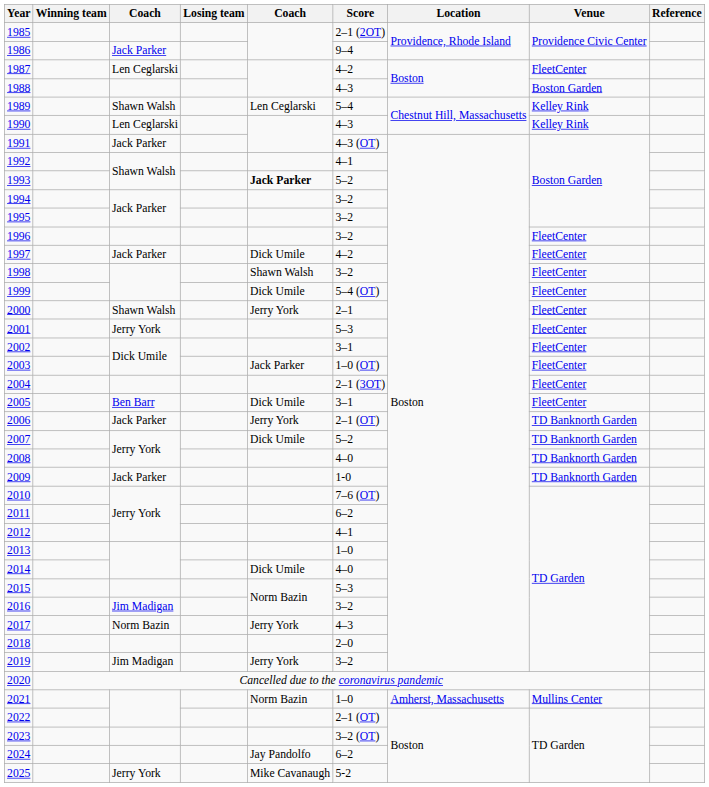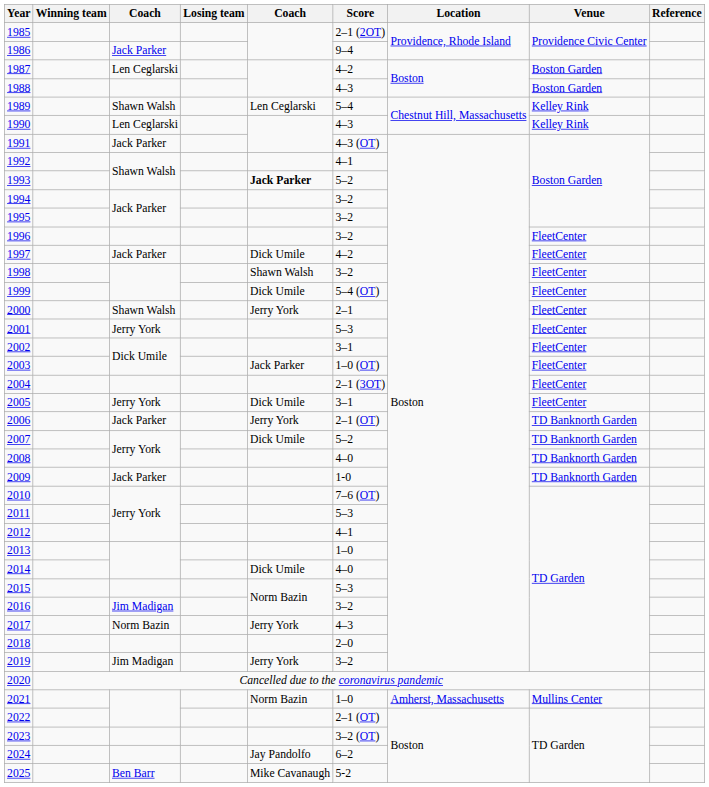 <table class="wikitable sortable">
 <tr>
 <th>Year</th>
 <th>Winning team</th>
 <th>Coach</th>
 <th>Losing team</th>
 <th>Coach</th>
 <th>Score</th>
 <th>Location</th>
 <th>Venue</th>
 <th class=unsortable>Reference</th>
 </tr>
 <tr>
 <td><a href='#'>1985</a></td>
 <td><a href='#'></a></td>
 <td></td>
 <td><a href='#'></a></td>
 <td rowspan="2"></td>
 <td>2–1 (<a href='#'>2OT</a>)</td>
 <td rowspan="2"><a href='#'>Providence, Rhode Island</a></td>
 <td rowspan="2"><a href='#'>Providence Civic Center</a></td>
 <td></td>
 </tr>
 <tr>
 <td><a href='#'>1986</a></td>
 <td><a href='#'></a></td>
 <td><a href='#'>Jack Parker</a></td>
 <td><a href='#'></a></td>
 <td>9–4</td>
 <td></td>
 </tr>
 <tr>
 <td><a href='#'>1987</a></td>
 <td><a href='#'></a></td>
 <td>Len Ceglarski</td>
 <td><a href='#'></a></td>
 <td rowspan="2"></td>
 <td>4–2</td>
 <td rowspan="2"><a href='#'>Boston</a></td>
-<td><a href='#'>FleetCenter</a></td>
+<td><a href='#'>Boston Garden</a></td>
 <td></td>
 </tr>
 <tr>
 <td><a href='#'>1988</a></td>
 <td><a href='#'></a></td>
 <td></td>
 <td><a href='#'></a></td>
 <td>4–3</td>
 <td><a href='#'>Boston Garden</a></td>
 <td></td>
 </tr>
 <tr>
 <td><a href='#'>1989</a></td>
 <td><a href='#'></a></td>
 <td>Shawn Walsh</td>
 <td><a href='#'></a></td>
 <td>Len Ceglarski</td>
 <td>5–4</td>
 <td rowspan="2"><a href='#'>Chestnut Hill, Massachusetts</a></td>
 <td><a href='#'>Kelley Rink</a></td>
 <td></td>
 </tr>
 <tr>
 <td><a href='#'>1990</a></td>
 <td><a href='#'></a></td>
 <td>Len Ceglarski</td>
 <td><a href='#'></a></td>
 <td rowspan="2"></td>
 <td>4–3</td>
 <td><a href='#'>Kelley Rink</a></td>
 <td></td>
 </tr>
 <tr>
 <td><a href='#'>1991</a></td>
 <td><a href='#'></a></td>
 <td>Jack Parker</td>
 <td><a href='#'></a></td>
 <td>4–3 (<a href='#'>OT</a>)</td>
 <td rowspan="29">Boston</td>
 <td rowspan="5"><a href='#'>Boston Garden</a></td>
 <td></td>
 </tr>
 <tr>
 <td><a href='#'>1992</a></td>
 <td><a href='#'></a></td>
 <td rowspan="2">Shawn Walsh</td>
 <td><a href='#'></a></td>
 <td></td>
 <td>4–1</td>
 <td></td>
 </tr>
 <tr>
 <td><a href='#'>1993</a></td>
 <td><a href='#'></a></td>
 <td><a href='#'></a></td>
 <td><strong>Jack Parker</strong></td>
 <td>5–2</td>
 <td></td>
 </tr>
 <tr>
 <td><a href='#'>1994</a></td>
 <td><a href='#'></a></td>
 <td rowspan="2">Jack Parker</td>
 <td><a href='#'></a></td>
 <td></td>
 <td>3–2</td>
 <td></td>
 </tr>
 <tr>
 <td><a href='#'>1995</a></td>
 <td><a href='#'></a></td>
 <td><a href='#'></a></td>
 <td></td>
 <td>3–2</td>
 <td></td>
 </tr>
 <tr>
 <td><a href='#'>1996</a></td>
 <td><a href='#'></a></td>
 <td></td>
 <td><a href='#'></a></td>
 <td></td>
 <td>3–2</td>
 <td><a href='#'>FleetCenter</a></td>
 <td></td>
 </tr>
 <tr>
 <td><a href='#'>1997</a></td>
 <td><a href='#'></a></td>
 <td>Jack Parker</td>
 <td><a href='#'></a></td>
 <td>Dick Umile</td>
 <td>4–2</td>
 <td><a href='#'>FleetCenter</a></td>
 <td></td>
 </tr>
 <tr>
 <td><a href='#'>1998</a></td>
 <td><a href='#'></a></td>
 <td rowspan="2"></td>
 <td><a href='#'></a></td>
 <td>Shawn Walsh</td>
 <td>3–2</td>
 <td><a href='#'>FleetCenter</a></td>
 <td></td>
 </tr>
 <tr>
 <td><a href='#'>1999</a></td>
 <td><a href='#'></a></td>
 <td><a href='#'></a></td>
 <td>Dick Umile</td>
 <td>5–4 (<a href='#'>OT</a>)</td>
 <td><a href='#'>FleetCenter</a></td>
 <td></td>
 </tr>
 <tr>
 <td><a href='#'>2000</a></td>
 <td><a href='#'></a></td>
 <td>Shawn Walsh</td>
 <td><a href='#'></a></td>
 <td>Jerry York</td>
 <td>2–1</td>
 <td><a href='#'>FleetCenter</a></td>
 <td></td>
 </tr>
 <tr>
 <td><a href='#'>2001</a></td>
 <td><a href='#'></a></td>
 <td>Jerry York</td>
 <td><a href='#'></a></td>
 <td></td>
 <td>5–3</td>
 <td><a href='#'>FleetCenter</a></td>
 <td></td>
 </tr>
 <tr>
 <td><a href='#'>2002</a></td>
 <td><a href='#'></a></td>
 <td rowspan="2">Dick Umile</td>
 <td><a href='#'></a></td>
 <td></td>
 <td>3–1</td>
 <td><a href='#'>FleetCenter</a></td>
 <td></td>
 </tr>
 <tr>
 <td><a href='#'>2003</a></td>
 <td><a href='#'></a></td>
 <td><a href='#'></a></td>
 <td>Jack Parker</td>
 <td>1–0 (<a href='#'>OT</a>)</td>
 <td><a href='#'>FleetCenter</a></td>
 <td></td>
 </tr>
 <tr>
 <td><a href='#'>2004</a></td>
 <td><a href='#'></a></td>
 <td></td>
 <td><a href='#'></a></td>
 <td></td>
 <td>2–1 (<a href='#'>3OT</a>)</td>
 <td><a href='#'>FleetCenter</a></td>
 <td></td>
 </tr>
 <tr>
 <td><a href='#'>2005</a></td>
 <td><a href='#'></a></td>
-<td><a href='#'>Ben Barr</a></td>
+<td>Jerry York</td>
 <td><a href='#'></a></td>
 <td>Dick Umile</td>
 <td>3–1</td>
 <td><a href='#'>FleetCenter</a></td>
 <td></td>
 </tr>
 <tr>
 <td><a href='#'>2006</a></td>
 <td><a href='#'></a></td>
 <td>Jack Parker</td>
 <td><a href='#'></a></td>
 <td>Jerry York</td>
 <td>2–1 (<a href='#'>OT</a>)</td>
 <td><a href='#'>TD Banknorth Garden</a></td>
 <td></td>
 </tr>
 <tr>
 <td><a href='#'>2007</a></td>
 <td><a href='#'></a></td>
 <td rowspan="2">Jerry York</td>
 <td><a href='#'></a></td>
 <td>Dick Umile</td>
 <td>5–2</td>
 <td><a href='#'>TD Banknorth Garden</a></td>
 <td></td>
 </tr>
 <tr>
 <td><a href='#'>2008</a></td>
 <td><a href='#'></a></td>
 <td><a href='#'></a></td>
 <td></td>
 <td>4–0</td>
 <td><a href='#'>TD Banknorth Garden</a></td>
 <td></td>
 </tr>
 <tr>
 <td><a href='#'>2009</a></td>
 <td><a href='#'></a></td>
 <td>Jack Parker</td>
 <td><a href='#'></a></td>
 <td></td>
 <td>1-0</td>
 <td><a href='#'>TD Banknorth Garden</a></td>
 <td></td>
 </tr>
 <tr>
 <td><a href='#'>2010</a></td>
 <td><a href='#'></a></td>
 <td rowspan="3">Jerry York</td>
 <td><a href='#'></a></td>
 <td></td>
 <td>7–6 (<a href='#'>OT</a>)</td>
 <td rowspan="10"><a href='#'>TD Garden</a></td>
 <td></td>
 </tr>
 <tr>
 <td><a href='#'>2011</a></td>
 <td><a href='#'></a></td>
 <td><a href='#'></a></td>
 <td></td>
-<td>6–2</td>
+<td>5–3</td>
 <td></td>
 </tr>
 <tr>
 <td><a href='#'>2012</a></td>
 <td><a href='#'></a></td>
 <td><a href='#'></a></td>
 <td></td>
 <td>4–1</td>
 <td></td>
 </tr>
 <tr>
 <td><a href='#'>2013</a></td>
 <td><a href='#'></a></td>
 <td rowspan="2"></td>
 <td><a href='#'></a></td>
 <td></td>
 <td>1–0</td>
 <td></td>
 </tr>
 <tr>
 <td><a href='#'>2014</a></td>
 <td><a href='#'></a></td>
 <td><a href='#'></a></td>
 <td>Dick Umile</td>
 <td>4–0</td>
 <td></td>
 </tr>
 <tr>
 <td><a href='#'>2015</a></td>
 <td><a href='#'></a></td>
 <td></td>
 <td><a href='#'></a></td>
 <td rowspan="2">Norm Bazin</td>
 <td>5–3</td>
 <td></td>
 </tr>
 <tr>
 <td><a href='#'>2016</a></td>
 <td><a href='#'></a></td>
 <td><a href='#'>Jim Madigan</a></td>
 <td><a href='#'></a></td>
 <td>3–2</td>
 <td></td>
 </tr>
 <tr>
 <td><a href='#'>2017</a></td>
 <td><a href='#'></a></td>
 <td>Norm Bazin</td>
 <td><a href='#'></a></td>
 <td>Jerry York</td>
 <td>4–3</td>
 <td></td>
 </tr>
 <tr>
 <td><a href='#'>2018</a></td>
 <td><a href='#'></a></td>
 <td></td>
 <td><a href='#'></a></td>
 <td></td>
 <td>2–0</td>
 <td></td>
 </tr>
 <tr>
 <td><a href='#'>2019</a></td>
 <td><a href='#'></a></td>
 <td>Jim Madigan</td>
 <td><a href='#'></a></td>
 <td>Jerry York</td>
 <td>3–2</td>
 <td></td>
 </tr>
 <tr>
 <td><a href='#'>2020</a></td>
 <td colspan=7 align=center><em>Cancelled due to the <a href='#'>coronavirus pandemic</a></em></td>
 <td></td>
 </tr>
 <tr>
 <td><a href='#'>2021</a></td>
 <td><a href='#'></a></td>
 <td rowspan="2"></td>
 <td><a href='#'></a></td>
 <td>Norm Bazin</td>
 <td>1–0</td>
 <td><a href='#'>Amherst, Massachusetts</a></td>
 <td><a href='#'>Mullins Center</a></td>
 <td></td>
 </tr>
 <tr>
 <td><a href='#'>2022</a></td>
 <td><a href='#'></a></td>
 <td><a href='#'></a></td>
 <td></td>
 <td>2–1 (<a href='#'>OT</a>)</td>
 <td rowspan="4">Boston</td>
 <td rowspan="4">TD Garden</td>
 <td></td>
 </tr>
 <tr>
 <td><a href='#'>2023</a></td>
 <td><a href='#'></a></td>
 <td></td>
 <td><a href='#'></a></td>
 <td></td>
 <td>3–2 (<a href='#'>OT</a>)</td>
 <td></td>
 </tr>
 <tr>
 <td><a href='#'>2024</a></td>
 <td><a href='#'></a></td>
 <td></td>
 <td><a href='#'></a></td>
 <td>Jay Pandolfo</td>
 <td>6–2</td>
 <td></td>
 </tr>
 <tr>
 <td><a href='#'>2025</a></td>
 <td><a href='#'></a></td>
-<td>Jerry York</td>
+<td><a href='#'>Ben Barr</a></td>
 <td><a href='#'></a></td>
 <td>Mike Cavanaugh</td>
 <td>5-2</td>
 <td></td>
 </tr>
 </table>
